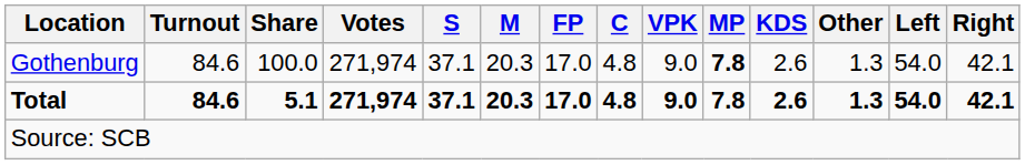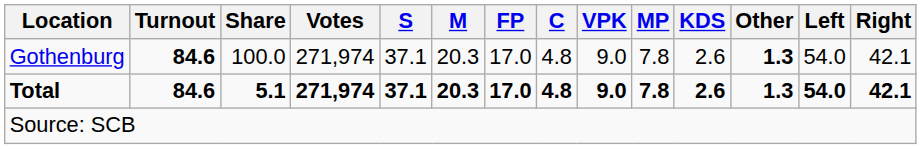 <table class="wikitable sortable" style=text-align:right>
 <tr>
 <th>Location</th>
 <th>Turnout</th>
 <th>Share</th>
 <th>Votes</th>
 <th><a href='#'>S</a></th>
 <th><a href='#'>M</a></th>
 <th><a href='#'>FP</a></th>
 <th><a href='#'>C</a></th>
 <th><a href='#'>VPK</a></th>
 <th><a href='#'>MP</a></th>
 <th><a href='#'>KDS</a></th>
 <th>Other</th>
 <th>Left</th>
 <th>Right</th>
 </tr>
 <tr>
 <td align=left><a href='#'>Gothenburg</a></td>
-<td>84.6</td>
+<td><strong>84.6</strong></td>
 <td>100.0</td>
 <td>271,974</td>
 <td>37.1</td>
 <td>20.3</td>
 <td>17.0</td>
 <td>4.8</td>
 <td>9.0</td>
-<td><strong>7.8</strong></td>
+<td>7.8</td>
 <td>2.6</td>
-<td>1.3</td>
+<td><strong>1.3</strong></td>
 <td>54.0</td>
 <td>42.1</td>
 </tr>
 <tr>
 <td align=left><strong>Total</strong></td>
 <td><strong>84.6</strong></td>
 <td><strong>5.1</strong></td>
 <td><strong>271,974</strong></td>
 <td><strong>37.1</strong></td>
 <td><strong>20.3</strong></td>
 <td><strong>17.0</strong></td>
 <td><strong>4.8</strong></td>
 <td><strong>9.0</strong></td>
 <td><strong>7.8</strong></td>
 <td><strong>2.6</strong></td>
 <td><strong>1.3</strong></td>
 <td><strong>54.0</strong></td>
 <td><strong>42.1</strong></td>
 </tr>
 <tr>
 <td align=left colspan=14>Source: SCB </td>
 </tr>
 </table>
